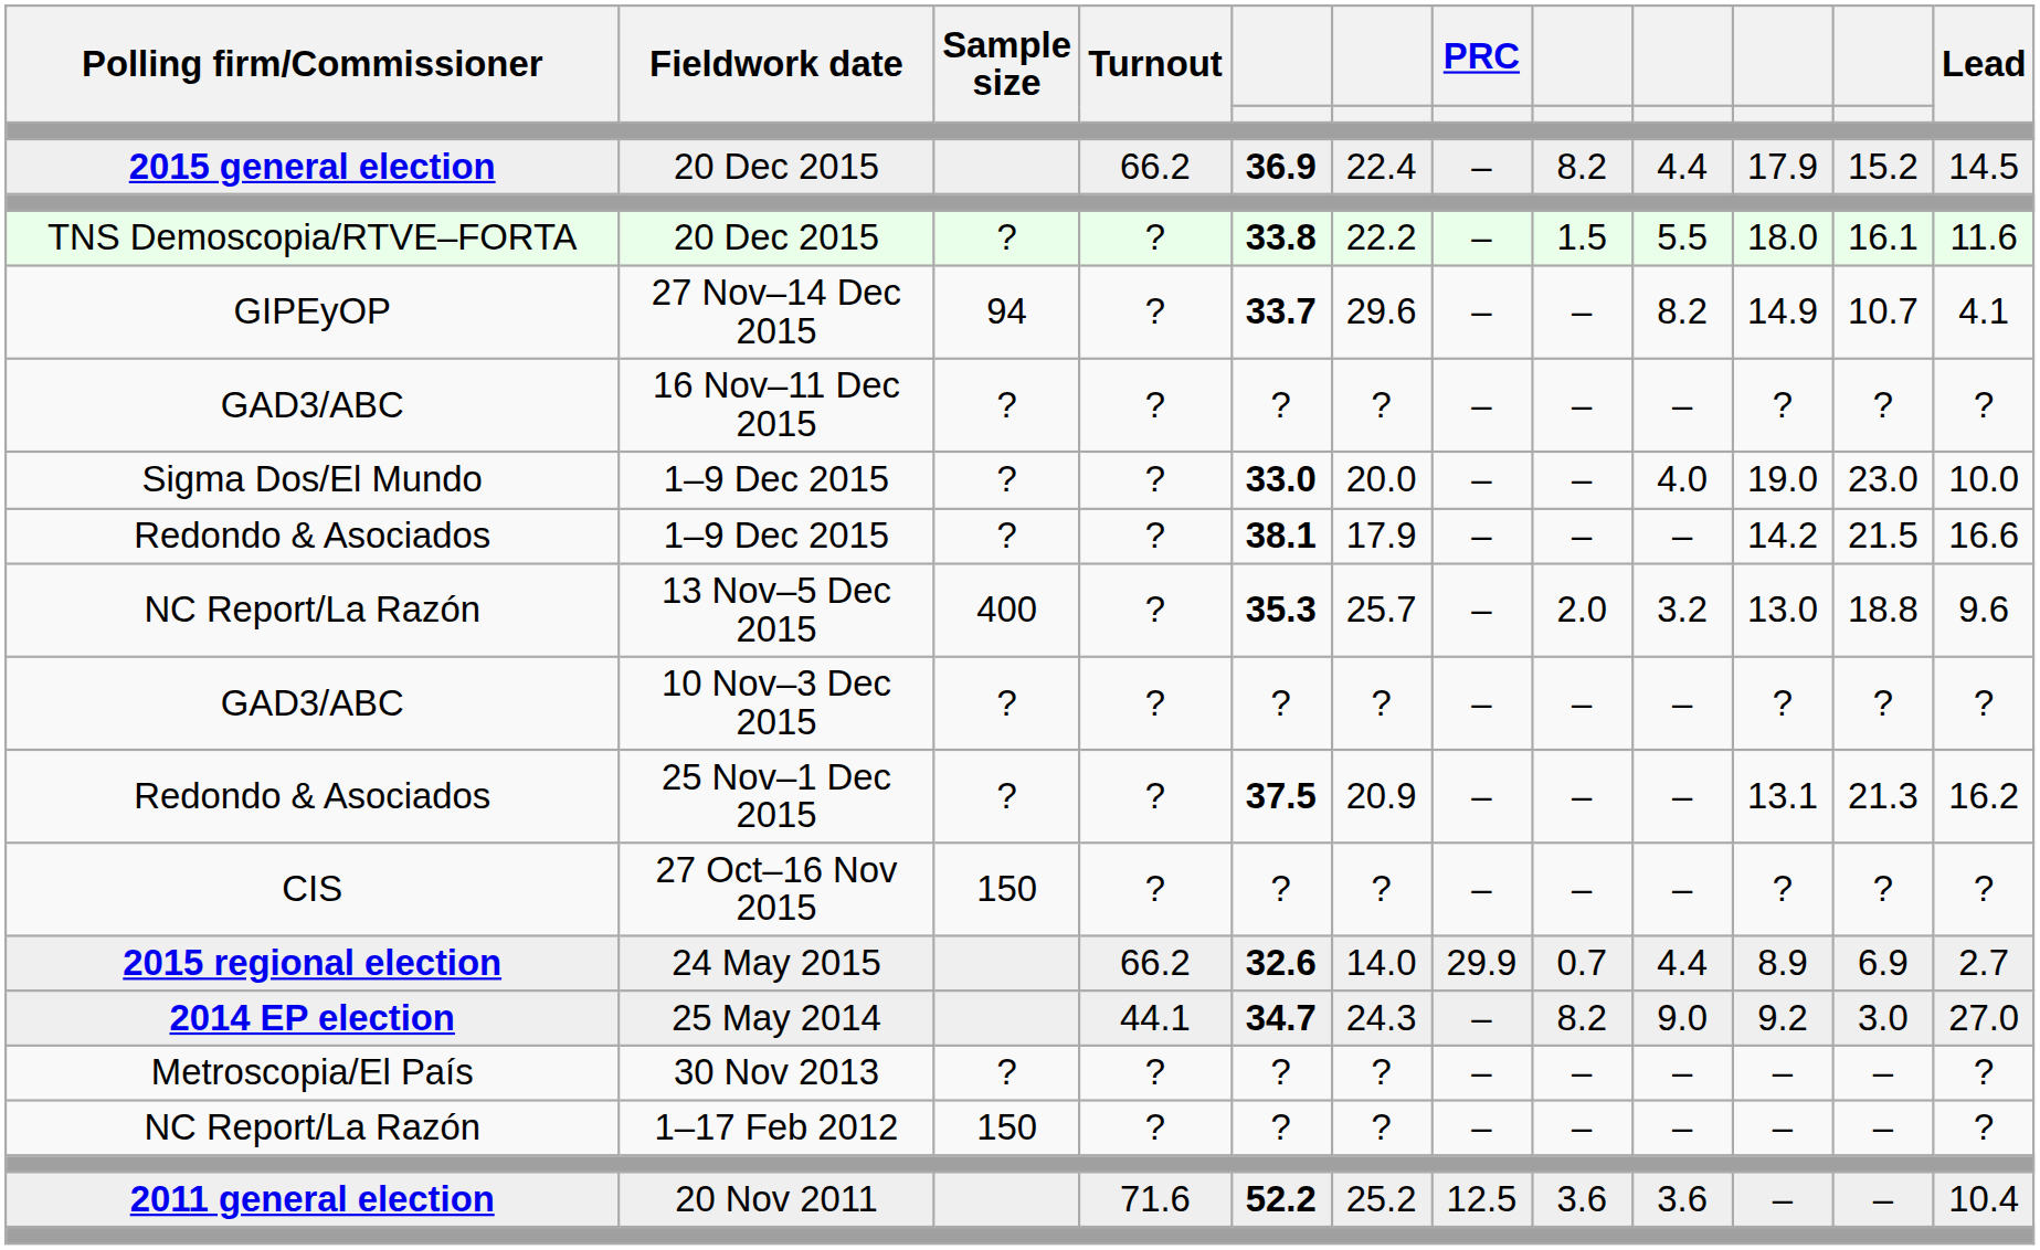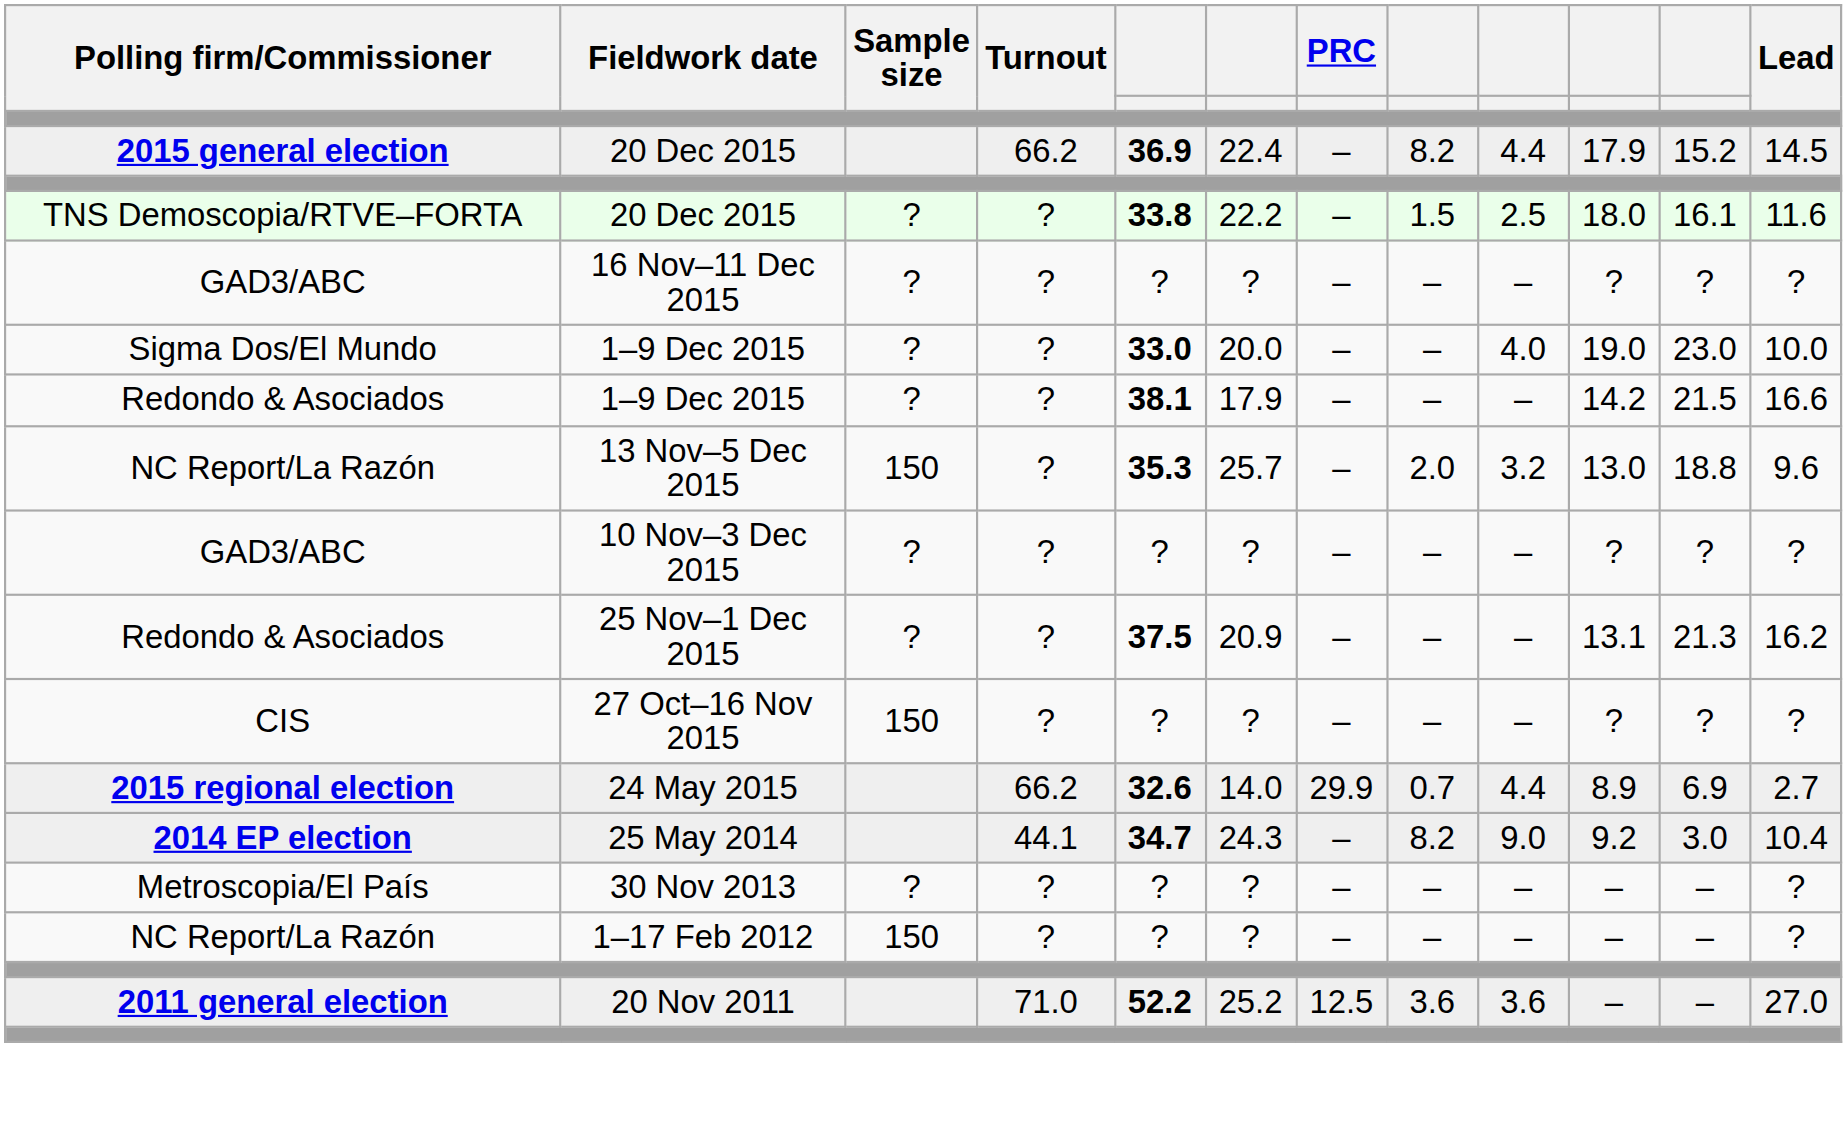 <table class="wikitable collapsible collapsed" style="text-align:center; font-size:95%; line-height:16px;">
 <tr style="height:42px; background-color:#E9E9E9">
 <th style="width:250px;" rowspan="2">Polling firm/Commissioner</th>
 <th style="width:125px;" rowspan="2">Fieldwork date</th>
 <th style="width:50px;" rowspan="2">Sample size</th>
 <th style="width:45px;" rowspan="2">Turnout</th>
 <th style="width:35px;"></th>
 <th style="width:35px;"></th>
 <th style="width:35px;"><a href='#'>PRC</a></th>
 <th style="width:35px;"></th>
 <th style="width:35px;"></th>
 <th style="width:35px;"></th>
 <th style="width:35px;"></th>
 <th style="width:30px;" rowspan="2">Lead</th>
 </tr>
 <tr>
 <th style="color:inherit;background:"></th>
 <th style="color:inherit;background:"></th>
 <th style="color:inherit;background:"></th>
 <th style="color:inherit;background:"></th>
 <th style="color:inherit;background:"></th>
 <th style="color:inherit;background:"></th>
 <th style="color:inherit;background:"></th>
 </tr>
 <tr>
 <td colspan="12" style="background:#A0A0A0"></td>
 </tr>
 <tr style="background:#EFEFEF;">
 <td><strong><a href='#'>2015 general election</a></strong></td>
 <td>20 Dec 2015</td>
 <td></td>
 <td>66.2</td>
 <td><strong>36.9</strong><br></td>
 <td>22.4<br></td>
 <td>–</td>
 <td>8.2<br></td>
 <td>4.4<br></td>
 <td>17.9<br></td>
 <td>15.2<br></td>
 <td style="background:">14.5</td>
 </tr>
 <tr>
 <td colspan="12" style="background:#A0A0A0"></td>
 </tr>
 <tr style="background:#EAFFEA;">
 <td>TNS Demoscopia/RTVE–FORTA</td>
 <td>20 Dec 2015</td>
 <td>?</td>
 <td>?</td>
 <td><strong>33.8</strong><br></td>
 <td>22.2<br></td>
 <td>–</td>
 <td>1.5<br></td>
-<td>5.5<br></td>
+<td>2.5<br></td>
 <td>18.0<br></td>
 <td>16.1<br></td>
 <td style="background:">11.6</td>
-</tr>
-<tr>
-<td>GIPEyOP</td>
-<td>27 Nov–14 Dec 2015</td>
-<td>94</td>
-<td>?</td>
-<td><strong>33.7</strong><br></td>
-<td>29.6<br></td>
-<td>–</td>
-<td>–</td>
-<td>8.2<br></td>
-<td>14.9<br></td>
-<td>10.7<br></td>
-<td style="background:">4.1</td>
 </tr>
 <tr>
 <td>GAD3/ABC</td>
 <td>16 Nov–11 Dec 2015</td>
 <td>?</td>
 <td>?</td>
 <td>?<br></td>
 <td>?<br></td>
 <td>–</td>
 <td>–</td>
 <td>–</td>
 <td>?<br></td>
 <td>?<br></td>
 <td style="background:">?</td>
 </tr>
 <tr>
 <td>Sigma Dos/El Mundo</td>
 <td>1–9 Dec 2015</td>
 <td>?</td>
 <td>?</td>
 <td><strong>33.0</strong><br></td>
 <td>20.0<br></td>
 <td>–</td>
 <td>–</td>
 <td>4.0<br></td>
 <td>19.0<br></td>
 <td>23.0<br></td>
 <td style="background:">10.0</td>
 </tr>
 <tr>
 <td>Redondo & Asociados</td>
 <td>1–9 Dec 2015</td>
 <td>?</td>
 <td>?</td>
 <td><strong>38.1</strong><br></td>
 <td>17.9<br></td>
 <td>–</td>
 <td>–</td>
 <td>–</td>
 <td>14.2<br></td>
 <td>21.5<br></td>
 <td style="background:">16.6</td>
 </tr>
 <tr>
 <td>NC Report/La Razón</td>
 <td>13 Nov–5 Dec 2015</td>
-<td>400</td>
+<td>150</td>
 <td>?</td>
 <td><strong>35.3</strong><br></td>
 <td>25.7<br></td>
 <td>–</td>
 <td>2.0<br></td>
 <td>3.2<br></td>
 <td>13.0<br></td>
 <td>18.8<br></td>
 <td style="background:">9.6</td>
 </tr>
 <tr>
 <td>GAD3/ABC</td>
 <td>10 Nov–3 Dec 2015</td>
 <td>?</td>
 <td>?</td>
 <td>?<br></td>
 <td>?<br></td>
 <td>–</td>
 <td>–</td>
 <td>–</td>
 <td>?<br></td>
 <td>?<br></td>
 <td style="background:">?</td>
 </tr>
 <tr>
 <td>Redondo & Asociados</td>
 <td>25 Nov–1 Dec 2015</td>
 <td>?</td>
 <td>?</td>
 <td><strong>37.5</strong><br></td>
 <td>20.9<br></td>
 <td>–</td>
 <td>–</td>
 <td>–</td>
 <td>13.1<br></td>
 <td>21.3<br></td>
 <td style="background:">16.2</td>
 </tr>
 <tr>
 <td>CIS</td>
 <td>27 Oct–16 Nov 2015</td>
 <td>150</td>
 <td>?</td>
 <td>?<br></td>
 <td>?<br></td>
 <td>–</td>
 <td>–</td>
 <td>–</td>
 <td>?<br></td>
 <td>?<br></td>
 <td style="background:">?</td>
 </tr>
 <tr style="background:#EFEFEF;">
 <td><strong><a href='#'>2015 regional election</a></strong></td>
 <td>24 May 2015</td>
 <td></td>
 <td>66.2</td>
 <td><strong>32.6</strong><br></td>
 <td>14.0<br></td>
 <td>29.9<br></td>
 <td>0.7<br></td>
 <td>4.4<br></td>
 <td>8.9<br></td>
 <td>6.9<br></td>
 <td style="background:">2.7</td>
 </tr>
 <tr style="background:#EFEFEF;">
 <td><strong><a href='#'>2014 EP election</a></strong></td>
 <td>25 May 2014</td>
 <td></td>
 <td>44.1</td>
 <td><strong>34.7</strong><br></td>
 <td>24.3<br></td>
 <td>–</td>
 <td>8.2<br></td>
 <td>9.0<br></td>
 <td>9.2<br></td>
 <td>3.0<br></td>
-<td style="background:">27.0</td>
+<td style="background:">10.4</td>
 </tr>
 <tr>
 <td>Metroscopia/El País</td>
 <td>30 Nov 2013</td>
 <td>?</td>
 <td>?</td>
 <td>?<br></td>
 <td>?<br></td>
 <td>–</td>
 <td>–</td>
 <td>–</td>
 <td>–</td>
 <td>–</td>
 <td style="background:">?</td>
 </tr>
 <tr>
 <td>NC Report/La Razón</td>
 <td>1–17 Feb 2012</td>
 <td>150</td>
 <td>?</td>
 <td>?<br></td>
 <td>?<br></td>
 <td>–</td>
 <td>–</td>
 <td>–</td>
 <td>–</td>
 <td>–</td>
 <td style="background:">?</td>
 </tr>
 <tr>
 <td colspan="12" style="background:#A0A0A0"></td>
 </tr>
 <tr style="background:#EFEFEF;">
 <td><strong><a href='#'>2011 general election</a></strong></td>
 <td>20 Nov 2011</td>
 <td></td>
-<td>71.6</td>
+<td>71.0</td>
 <td><strong>52.2</strong><br></td>
 <td>25.2<br></td>
 <td>12.5<br></td>
 <td>3.6<br></td>
 <td>3.6<br></td>
 <td>–</td>
 <td>–</td>
-<td style="background:">10.4</td>
+<td style="background:">27.0</td>
 </tr>
 <tr>
 <td colspan="12" style="background:#A0A0A0"></td>
 </tr>
 </table>
